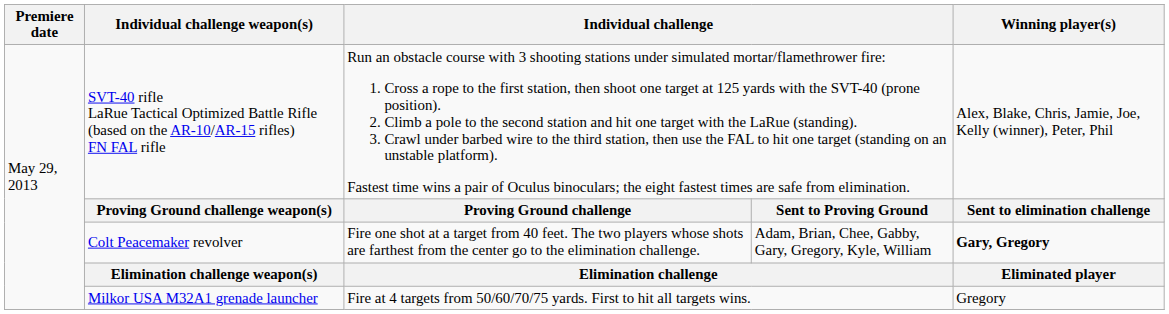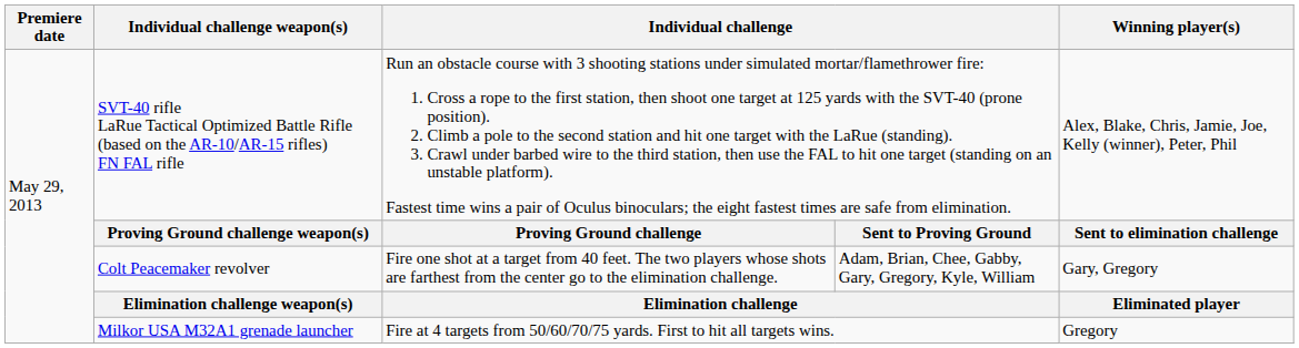 <table class="wikitable">
 <tr>
 <th>Premiere date</th>
 <th>Individual challenge weapon(s)</th>
 <th colspan="2">Individual challenge</th>
 <th>Winning player(s)</th>
 </tr>
 <tr>
 <td rowspan="5">May 29, 2013</td>
 <td><a href='#'>SVT-40</a> rifle<br>LaRue Tactical Optimized Battle Rifle (based on the <a href='#'>AR-10</a>/<a href='#'>AR-15</a> rifles)<br><a href='#'>FN FAL</a> rifle</td>
 <td colspan="2">Run an obstacle course with 3 shooting stations under simulated mortar/flamethrower fire:<br><ol><li>Cross a rope to the first station, then shoot one target at 125 yards with the SVT-40 (prone position).</li><li>Climb a pole to the second station and hit one target with the LaRue (standing).</li><li>Crawl under barbed wire to the third station, then use the FAL to hit one target (standing on an unstable platform).</li></ol>Fastest time wins a pair of Oculus binoculars; the eight fastest times are safe from elimination.</td>
 <td>Alex, Blake, Chris, Jamie, Joe, Kelly (winner), Peter, Phil</td>
 </tr>
 <tr>
 <th>Proving Ground challenge weapon(s)</th>
 <th>Proving Ground challenge</th>
 <th>Sent to Proving Ground</th>
 <th>Sent to elimination challenge</th>
 </tr>
 <tr>
 <td><a href='#'>Colt Peacemaker</a> revolver</td>
 <td>Fire one shot at a target from 40 feet. The two players whose shots are farthest from the center go to the elimination challenge.</td>
 <td>Adam, Brian, Chee, Gabby, Gary, Gregory, Kyle, William</td>
-<td><strong>Gary, Gregory</strong></td>
+<td>Gary, Gregory</td>
 </tr>
 <tr>
 <th>Elimination challenge weapon(s)</th>
 <th colspan="2">Elimination challenge</th>
 <th>Eliminated player</th>
 </tr>
 <tr>
 <td><a href='#'>Milkor USA M32A1 grenade launcher</a></td>
 <td colspan="2">Fire at 4 targets from 50/60/70/75 yards. First to hit all targets wins.</td>
 <td>Gregory</td>
 </tr>
 </table>
